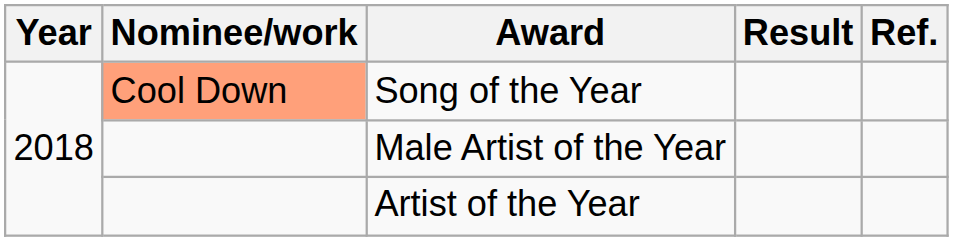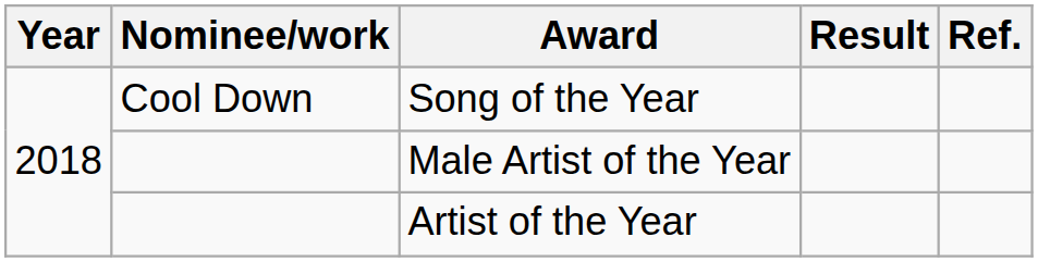 <table class="wikitable sortable">
 <tr>
 <th>Year</th>
 <th>Nominee/work</th>
 <th>Award</th>
 <th>Result</th>
 <th>Ref.</th>
 </tr>
 <tr>
 <td rowspan="3">2018</td>
-<td style="background: lightsalmon;">Cool Down</td>
+<td>Cool Down</td>
 <td>Song of the Year</td>
 <td></td>
 <td></td>
 </tr>
 <tr>
 <td></td>
 <td>Male Artist of the Year</td>
 <td></td>
 <td></td>
 </tr>
 <tr>
 <td></td>
 <td>Artist of the Year</td>
 <td></td>
 <td></td>
 </tr>
 </table>
